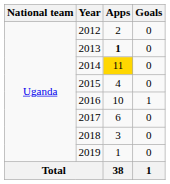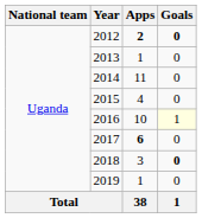 <table class="wikitable" style="text-align:center">
 <tr>
 <th>National team</th>
 <th>Year</th>
 <th>Apps</th>
 <th>Goals</th>
 </tr>
 <tr>
 <td rowspan="8"><a href='#'>Uganda</a></td>
 <td>2012</td>
-<td>2</td>
-<td>0</td>
+<td><strong>2</strong></td>
+<td><strong>0</strong></td>
 </tr>
 <tr>
 <td>2013</td>
-<td><strong>1</strong></td>
+<td>1</td>
 <td>0</td>
 </tr>
 <tr>
 <td>2014</td>
-<td style="background: gold;">11</td>
+<td>11</td>
 <td>0</td>
 </tr>
 <tr>
 <td>2015</td>
 <td>4</td>
 <td>0</td>
 </tr>
 <tr>
 <td>2016</td>
 <td>10</td>
-<td>1</td>
+<td style="background: lightyellow;">1</td>
 </tr>
 <tr>
 <td>2017</td>
-<td>6</td>
+<td><strong>6</strong></td>
 <td>0</td>
 </tr>
 <tr>
 <td>2018</td>
 <td>3</td>
-<td>0</td>
+<td><strong>0</strong></td>
 </tr>
 <tr>
 <td>2019</td>
 <td>1</td>
 <td>0</td>
 </tr>
 <tr>
 <th colspan="2">Total</th>
 <th>38</th>
 <th>1</th>
 </tr>
 </table>
